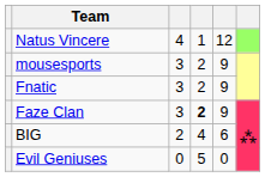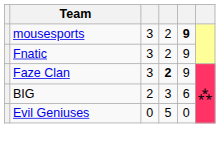 <table class="wikitable plainrowheaders" style="text-align:center;">
 <tr>
 <th scope="col"></th>
 <th scope="col" style="width:10em;">Team</th>
 <th scope="col" style="width:1em;"></th>
 <th scope="col" style="width:1em;"></th>
 <th scope="col" style="width:1em;"></th>
 <th scope=col class="unsortable"></th>
 </tr>
 <tr>
 <th scope="row"></th>
-<td style="text-align: left;"><a href='#'>Natus Vincere</a></td>
-<td>4</td>
-<td>1</td>
-<td>12</td>
-<td style="background:#99FF66;"></td>
-</tr>
-<tr>
-<th scope="row"></th>
 <td style="text-align: left;"><a href='#'>mousesports</a></td>
 <td>3</td>
 <td>2</td>
-<td>9</td>
+<td><strong>9</strong></td>
 <td rowspan="2" style="background:#ff9;"></td>
 </tr>
 <tr>
 <th scope="row"></th>
 <td style="text-align: left;"><a href='#'>Fnatic</a></td>
 <td>3</td>
 <td>2</td>
 <td>9</td>
 </tr>
 <tr>
 <th scope="row"></th>
 <td style="text-align: left;"><a href='#'>Faze Clan</a></td>
 <td>3</td>
 <td><strong>2</strong></td>
 <td>9</td>
 <td rowspan="3" style="background:#FF3366;">⁂</td>
 </tr>
 <tr>
 <th scope="row"></th>
 <td style="text-align: left;">BIG</td>
 <td>2</td>
-<td>4</td>
+<td>3</td>
 <td>6</td>
 </tr>
 <tr>
 <th scope="row"></th>
 <td style="text-align: left;"><a href='#'>Evil Geniuses</a></td>
 <td>0</td>
 <td>5</td>
 <td>0</td>
 </tr>
 </table>
